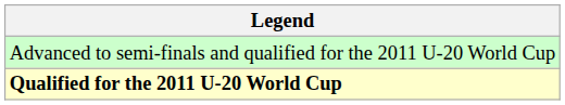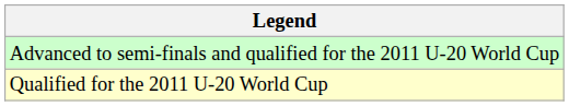 <table class="wikitable">
 <tr>
 <th>Legend</th>
 </tr>
 <tr bgcolor=#ccffcc>
 <td>Advanced to semi-finals and qualified for the 2011 U-20 World Cup</td>
 </tr>
 <tr bgcolor=#ffffcc>
-<td><strong>Qualified for the 2011 U-20 World Cup</strong></td>
+<td>Qualified for the 2011 U-20 World Cup</td>
 </tr>
 </table>
